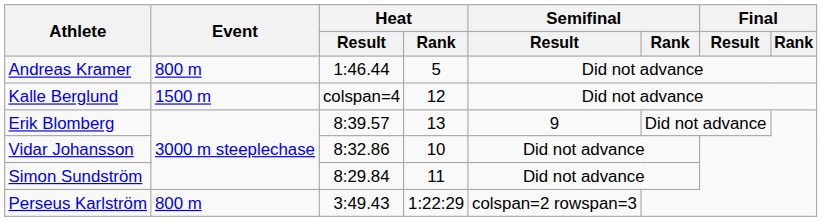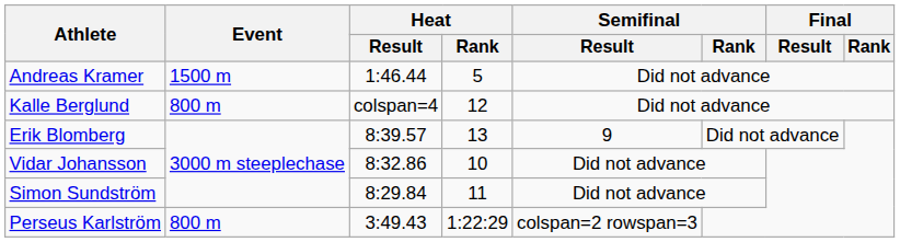 <table class="wikitable" style="font-size:90%">
 <tr>
 <th rowspan="2">Athlete</th>
 <th rowspan="2">Event</th>
 <th colspan="2">Heat</th>
 <th colspan="2">Semifinal</th>
 <th colspan="2">Final</th>
 </tr>
 <tr style="font-size:95%">
 <th>Result</th>
 <th>Rank</th>
 <th>Result</th>
 <th>Rank</th>
 <th>Result</th>
 <th>Rank</th>
 </tr>
 <tr align=center>
 <td align=left><a href='#'>Andreas Kramer</a></td>
-<td align=left><a href='#'>800 m</a></td>
+<td align=left><a href='#'>1500 m</a></td>
 <td>1:46.44</td>
 <td>5</td>
 <td colspan=4>Did not advance</td>
 </tr>
 <tr align=center>
 <td align=left><a href='#'>Kalle Berglund</a></td>
-<td align=left><a href='#'>1500 m</a></td>
+<td align=left><a href='#'>800 m</a></td>
 <td>colspan=4 </td>
 <td>12</td>
 <td colspan=4>Did not advance</td>
 </tr>
 <tr align=center>
 <td align=left><a href='#'>Erik Blomberg</a></td>
 <td align=left rowspan=3><a href='#'>3000 m steeplechase</a></td>
 <td>8:39.57</td>
 <td>13</td>
 <td>9</td>
 <td colspan=2>Did not advance</td>
 </tr>
 <tr align=center>
 <td align=left><a href='#'>Vidar Johansson</a></td>
 <td>8:32.86</td>
 <td>10</td>
 <td colspan=2>Did not advance</td>
 </tr>
 <tr align=center>
 <td align=left><a href='#'>Simon Sundström</a></td>
 <td>8:29.84</td>
 <td>11</td>
 <td colspan=2>Did not advance</td>
 </tr>
 <tr align=center>
 <td align=left><a href='#'>Perseus Karlström</a></td>
 <td align=left><a href='#'>800 m</a></td>
 <td>3:49.43</td>
 <td>1:22:29</td>
 <td>colspan=2 rowspan=3 </td>
 </tr>
 </table>
